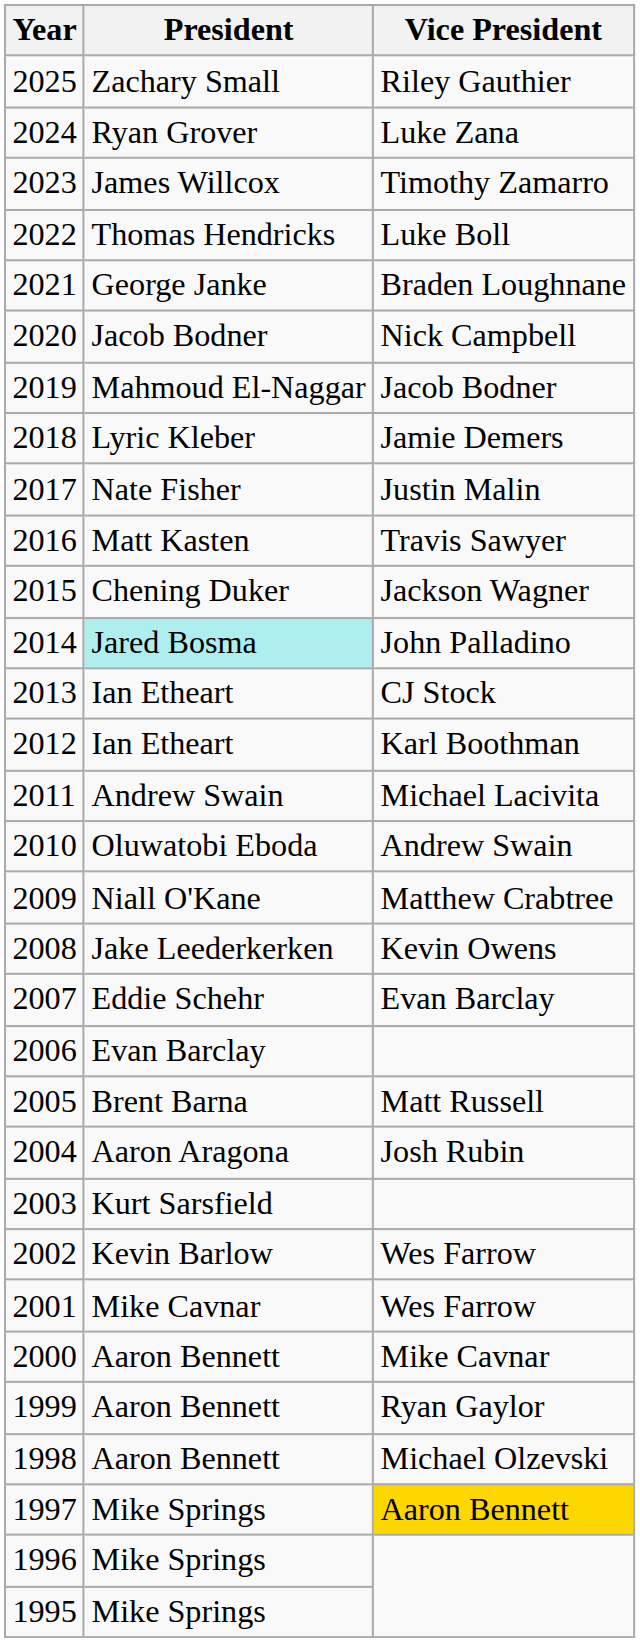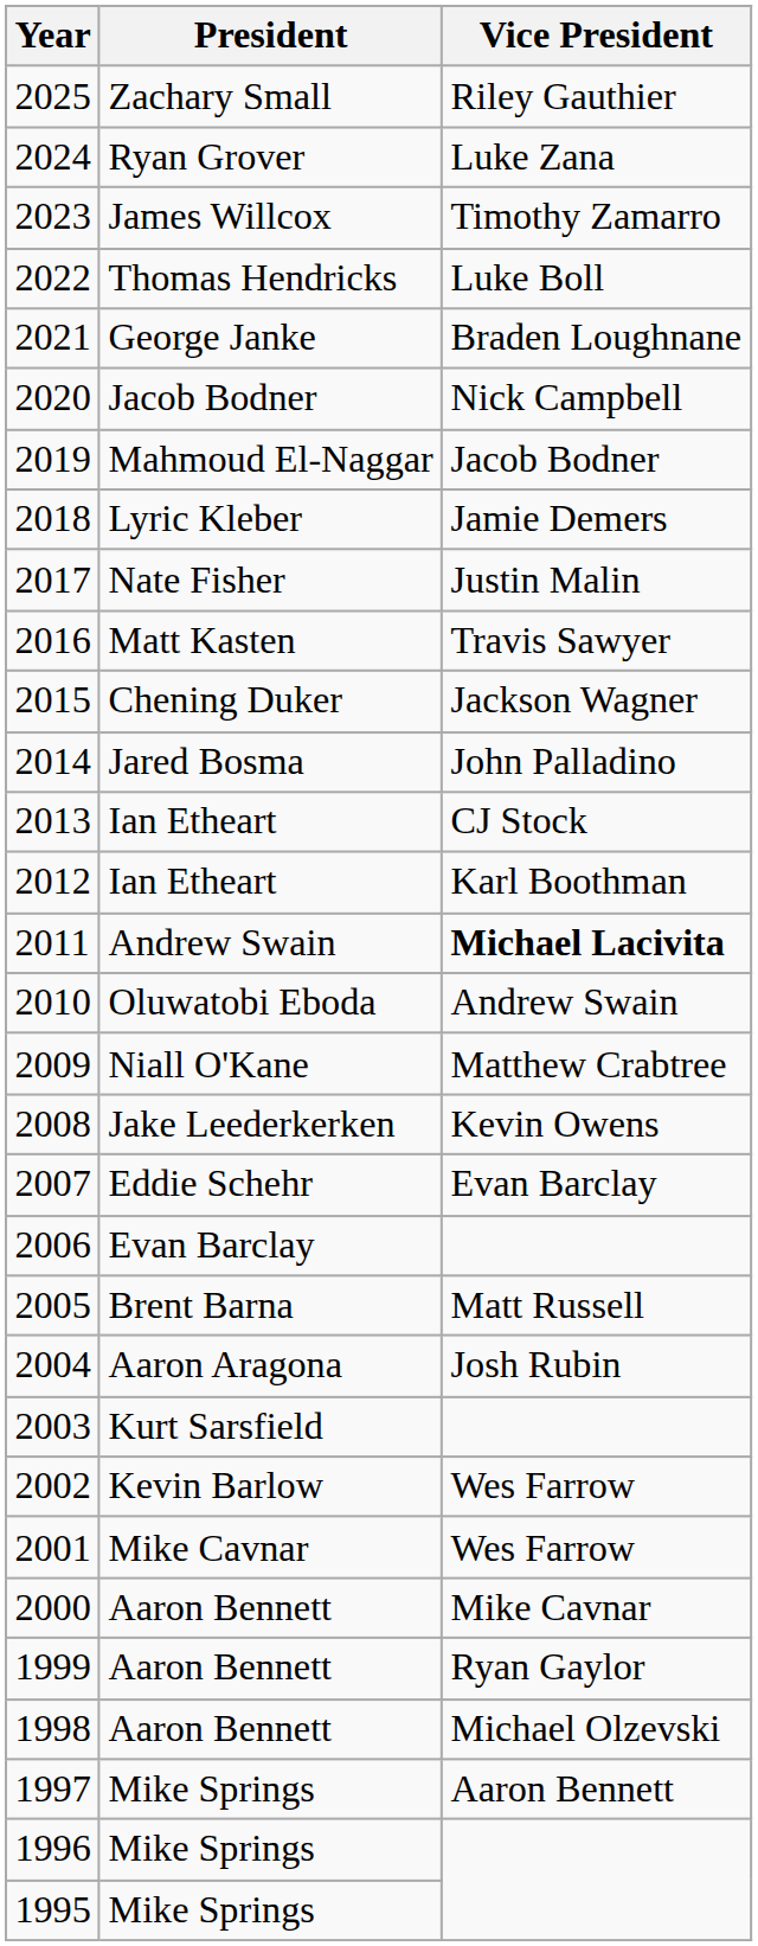 <table class="wikitable">
 <tr>
 <th>Year</th>
 <th>President</th>
 <th>Vice President</th>
 </tr>
 <tr>
 <td>2025</td>
 <td>Zachary Small</td>
 <td>Riley Gauthier</td>
 </tr>
 <tr>
 <td>2024</td>
 <td>Ryan Grover</td>
 <td>Luke Zana</td>
 </tr>
 <tr>
 <td>2023</td>
 <td>James Willcox</td>
 <td>Timothy Zamarro</td>
 </tr>
 <tr>
 <td>2022</td>
 <td>Thomas Hendricks</td>
 <td>Luke Boll</td>
 </tr>
 <tr>
 <td>2021</td>
 <td>George Janke</td>
 <td>Braden Loughnane</td>
 </tr>
 <tr>
 <td>2020</td>
 <td>Jacob Bodner</td>
 <td>Nick Campbell</td>
 </tr>
 <tr>
 <td>2019</td>
 <td>Mahmoud El-Naggar</td>
 <td>Jacob Bodner</td>
 </tr>
 <tr>
 <td>2018</td>
 <td>Lyric Kleber</td>
 <td>Jamie Demers</td>
 </tr>
 <tr>
 <td>2017</td>
 <td>Nate Fisher</td>
 <td>Justin Malin</td>
 </tr>
 <tr>
 <td>2016</td>
 <td>Matt Kasten</td>
 <td>Travis Sawyer</td>
 </tr>
 <tr>
 <td>2015</td>
 <td>Chening Duker</td>
 <td>Jackson Wagner</td>
 </tr>
 <tr>
 <td>2014</td>
-<td style="background: paleturquoise;">Jared Bosma</td>
+<td>Jared Bosma</td>
 <td>John Palladino</td>
 </tr>
 <tr>
 <td>2013</td>
 <td>Ian Etheart</td>
 <td>CJ Stock</td>
 </tr>
 <tr>
 <td>2012</td>
 <td>Ian Etheart</td>
 <td>Karl Boothman</td>
 </tr>
 <tr>
 <td>2011</td>
 <td>Andrew Swain</td>
-<td>Michael Lacivita</td>
+<td><strong>Michael Lacivita</strong></td>
 </tr>
 <tr>
 <td>2010</td>
 <td>Oluwatobi Eboda</td>
 <td>Andrew Swain</td>
 </tr>
 <tr>
 <td>2009</td>
 <td>Niall O'Kane</td>
 <td>Matthew Crabtree</td>
 </tr>
 <tr>
 <td>2008</td>
 <td>Jake Leederkerken</td>
 <td>Kevin Owens</td>
 </tr>
 <tr>
 <td>2007</td>
 <td>Eddie Schehr</td>
 <td>Evan Barclay</td>
 </tr>
 <tr>
 <td>2006</td>
 <td>Evan Barclay</td>
 </tr>
 <tr>
 <td>2005</td>
 <td>Brent Barna</td>
 <td>Matt Russell</td>
 </tr>
 <tr>
 <td>2004</td>
 <td>Aaron Aragona</td>
 <td>Josh Rubin</td>
 </tr>
 <tr>
 <td>2003</td>
 <td>Kurt Sarsfield</td>
 </tr>
 <tr>
 <td>2002</td>
 <td>Kevin Barlow</td>
 <td>Wes Farrow</td>
 </tr>
 <tr>
 <td>2001</td>
 <td>Mike Cavnar</td>
 <td>Wes Farrow</td>
 </tr>
 <tr>
 <td>2000</td>
 <td>Aaron Bennett</td>
 <td>Mike Cavnar</td>
 </tr>
 <tr>
 <td>1999</td>
 <td>Aaron Bennett</td>
 <td>Ryan Gaylor</td>
 </tr>
 <tr>
 <td>1998</td>
 <td>Aaron Bennett</td>
 <td>Michael Olzevski</td>
 </tr>
 <tr>
 <td>1997</td>
 <td>Mike Springs</td>
-<td style="background: gold;">Aaron Bennett</td>
+<td>Aaron Bennett</td>
 </tr>
 <tr>
 <td>1996</td>
 <td>Mike Springs</td>
 </tr>
 <tr>
 <td>1995</td>
 <td>Mike Springs</td>
 </tr>
 </table>
